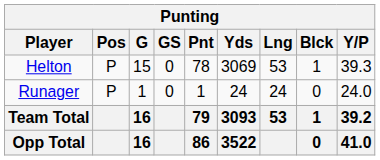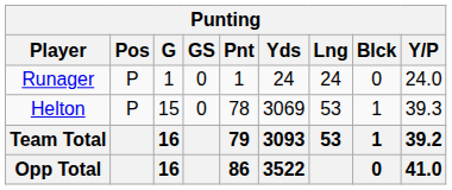 <table class="wikitable" style="text-align:center">
 <tr>
 <th colspan="9">Punting</th>
 </tr>
 <tr>
 <th>Player</th>
 <th>Pos</th>
 <th>G</th>
 <th>GS</th>
 <th>Pnt</th>
 <th>Yds</th>
 <th>Lng</th>
 <th>Blck</th>
 <th>Y/P</th>
 </tr>
 <tr>
+<td><a href='#'>Runager</a></td>
+<td>P</td>
+<td>1</td>
+<td>0</td>
+<td>1</td>
+<td>24</td>
+<td>24</td>
+<td>0</td>
+<td>24.0</td>
+</tr>
+<tr>
 <td><a href='#'>Helton</a></td>
 <td>P</td>
 <td>15</td>
 <td>0</td>
 <td>78</td>
 <td>3069</td>
 <td>53</td>
 <td>1</td>
 <td>39.3</td>
-</tr>
-<tr>
-<td><a href='#'>Runager</a></td>
-<td>P</td>
-<td>1</td>
-<td>0</td>
-<td>1</td>
-<td>24</td>
-<td>24</td>
-<td>0</td>
-<td>24.0</td>
 </tr>
 <tr>
 <th>Team Total</th>
 <th></th>
 <th>16</th>
 <th></th>
 <th>79</th>
 <th>3093</th>
 <th>53</th>
 <th>1</th>
 <th>39.2</th>
 </tr>
 <tr>
 <th>Opp Total</th>
 <th></th>
 <th>16</th>
 <th></th>
 <th>86</th>
 <th>3522</th>
 <th></th>
 <th>0</th>
 <th>41.0</th>
 </tr>
 </table>
